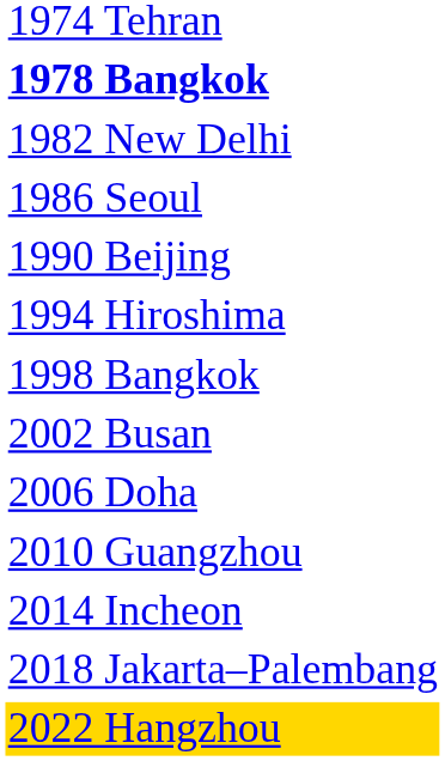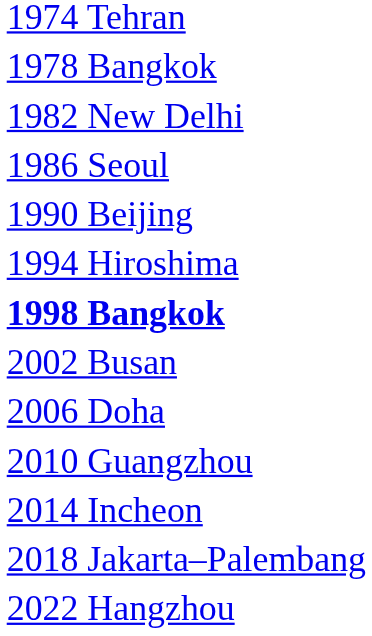 <table>
 <tr>
 <td><a href='#'>1974 Tehran</a></td>
 <td></td>
 <td></td>
 <td></td>
 </tr>
 <tr>
-<td><strong><a href='#'>1978 Bangkok</a></strong></td>
+<td><a href='#'>1978 Bangkok</a></td>
 <td></td>
 <td></td>
 <td></td>
 </tr>
 <tr>
 <td rowspan=2><a href='#'>1982 New Delhi</a></td>
 <td rowspan=2></td>
 <td rowspan=2></td>
 <td></td>
 </tr>
 <tr>
 <td></td>
 </tr>
 <tr>
 <td><a href='#'>1986 Seoul</a></td>
 <td></td>
 <td></td>
 <td></td>
 </tr>
 <tr>
 <td><a href='#'>1990 Beijing</a></td>
 <td></td>
 <td></td>
 <td></td>
 </tr>
 <tr>
 <td rowspan=2><a href='#'>1994 Hiroshima</a></td>
 <td rowspan=2></td>
 <td rowspan=2></td>
 <td></td>
 </tr>
 <tr>
 <td></td>
 </tr>
 <tr>
-<td><a href='#'>1998 Bangkok</a></td>
+<td><strong><a href='#'>1998 Bangkok</a></strong></td>
 <td></td>
 <td></td>
 <td></td>
 </tr>
 <tr>
 <td><a href='#'>2002 Busan</a></td>
 <td></td>
 <td></td>
 <td></td>
 </tr>
 <tr>
 <td><a href='#'>2006 Doha</a></td>
 <td></td>
 <td></td>
 <td></td>
 </tr>
 <tr>
 <td><a href='#'>2010 Guangzhou</a></td>
 <td></td>
 <td></td>
 <td></td>
 </tr>
 <tr>
 <td><a href='#'>2014 Incheon</a></td>
 <td></td>
 <td></td>
 <td></td>
 </tr>
 <tr>
 <td><a href='#'>2018 Jakarta–Palembang</a></td>
 <td></td>
 <td></td>
 <td></td>
 </tr>
 <tr>
-<td style="background: gold;"><a href='#'>2022 Hangzhou</a></td>
+<td><a href='#'>2022 Hangzhou</a></td>
 <td></td>
 <td></td>
 <td></td>
 </tr>
 </table>
